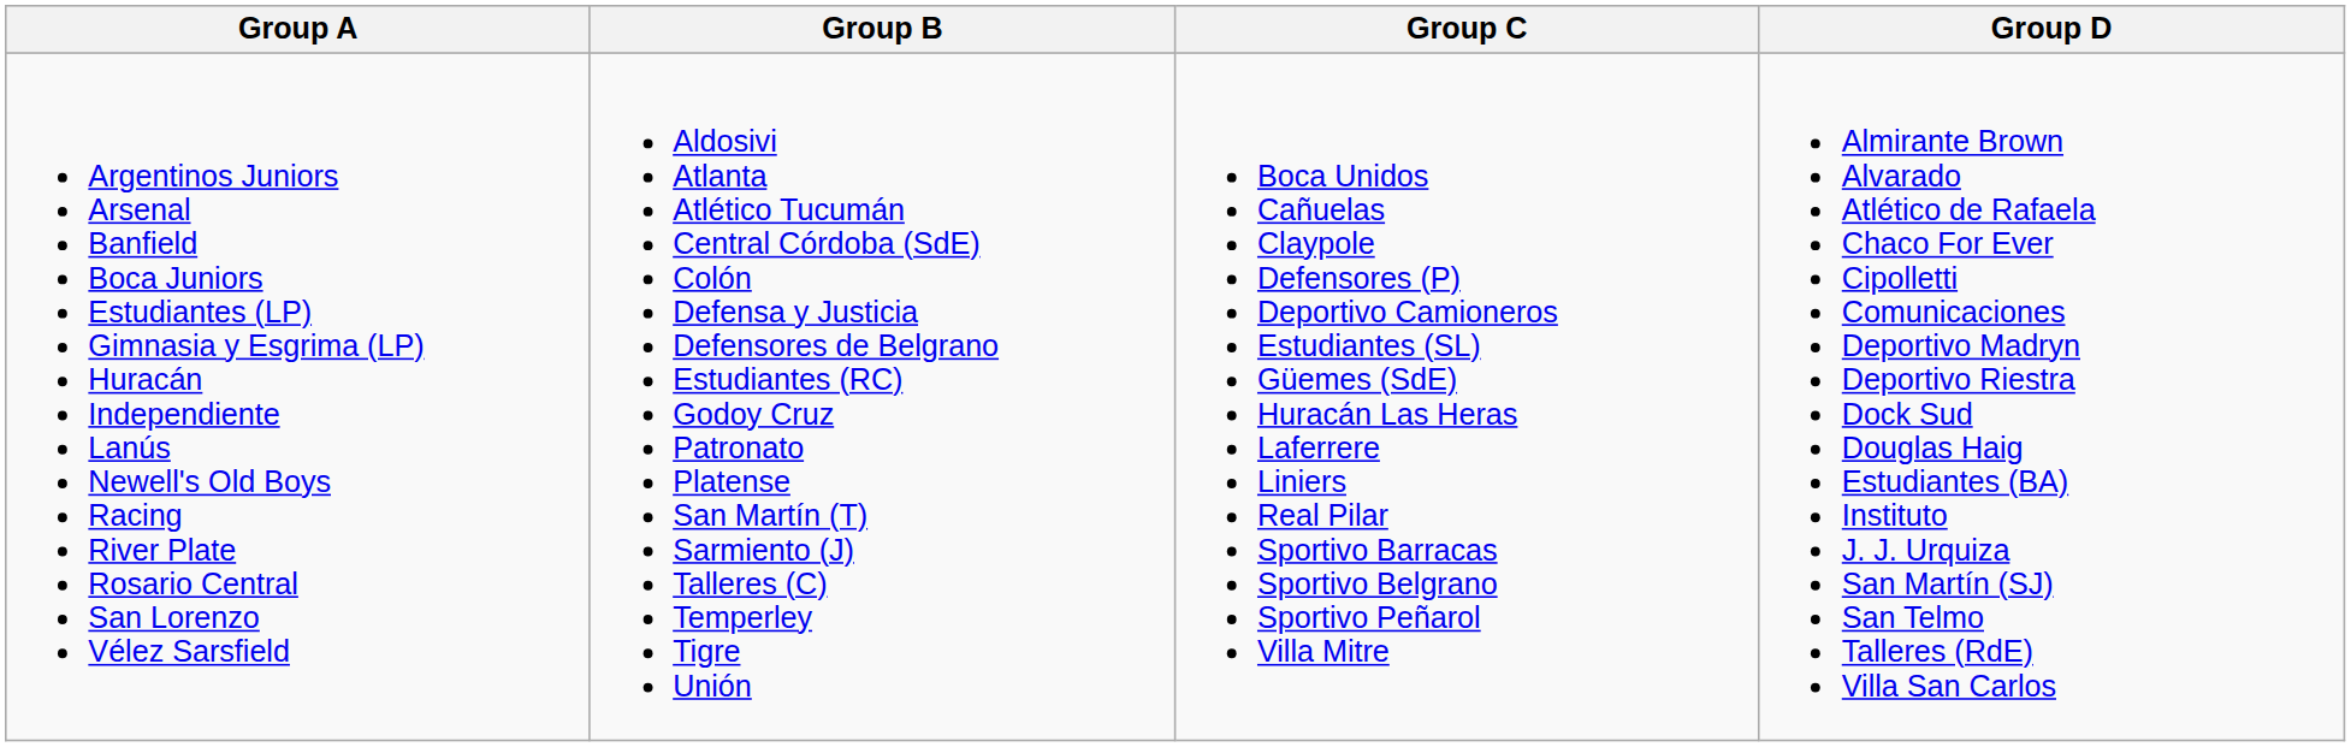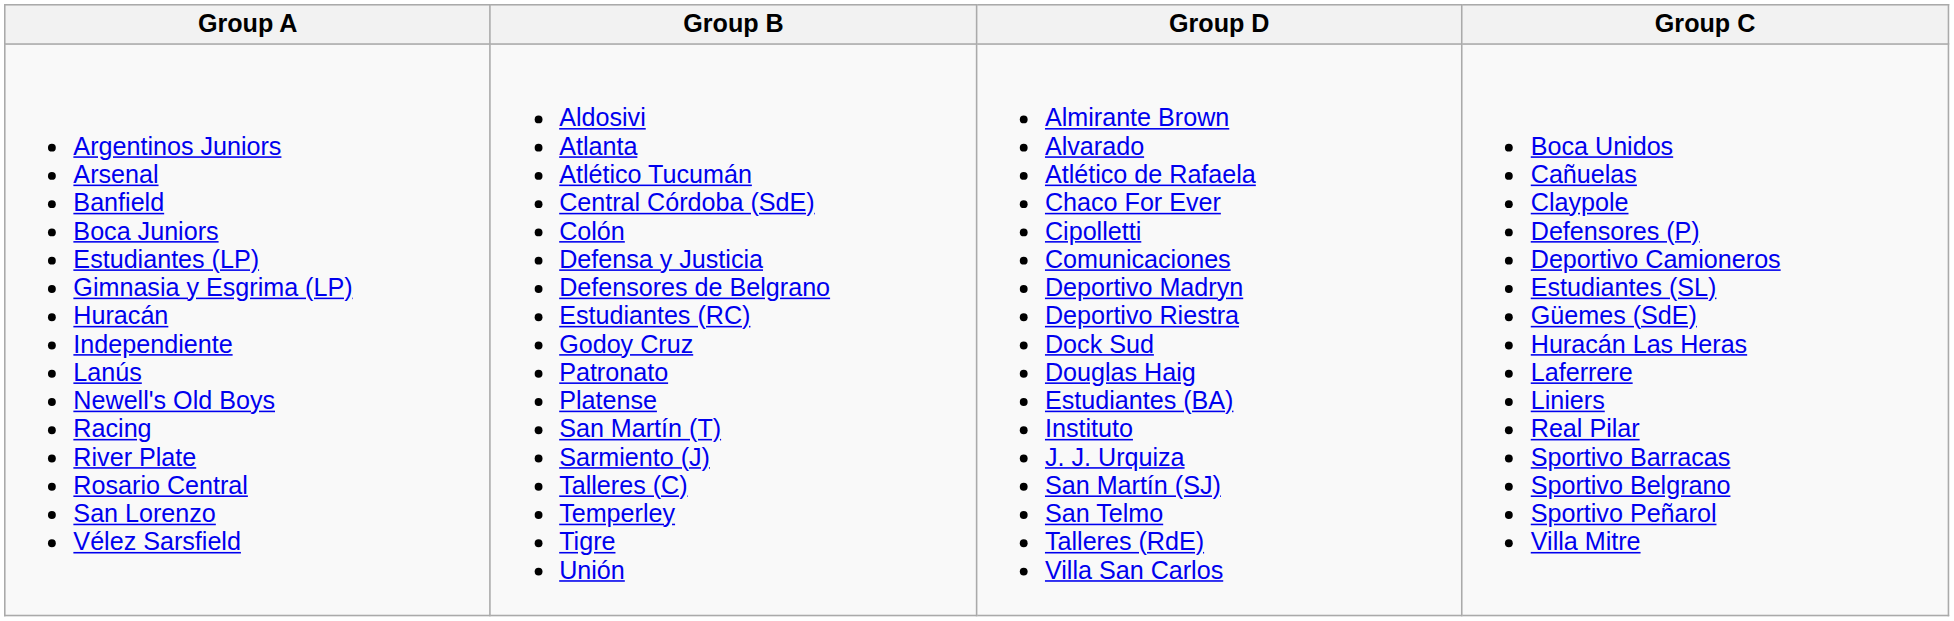 <table class="wikitable" width=98%>
 <tr>
 <th width=25%><strong>Group A</strong></th>
 <th width=25%><strong>Group B</strong></th>
+<th width=25%><strong>Group D</strong></th>
 <th width=25%><strong>Group C</strong></th>
-<th width=25%><strong>Group D</strong></th>
 </tr>
 <tr>
 <td><br><ul><li><a href='#'>Argentinos Juniors</a></li><li><a href='#'>Arsenal</a></li><li><a href='#'>Banfield</a></li><li><a href='#'>Boca Juniors</a></li><li><a href='#'>Estudiantes (LP)</a></li><li><a href='#'>Gimnasia y Esgrima (LP)</a></li><li><a href='#'>Huracán</a></li><li><a href='#'>Independiente</a></li><li><a href='#'>Lanús</a></li><li><a href='#'>Newell's Old Boys</a></li><li><a href='#'>Racing</a></li><li><a href='#'>River Plate</a></li><li><a href='#'>Rosario Central</a></li><li><a href='#'>San Lorenzo</a></li><li><a href='#'>Vélez Sarsfield</a></li></ul></td>
 <td><br><ul><li><a href='#'>Aldosivi</a></li><li><a href='#'>Atlanta</a></li><li><a href='#'>Atlético Tucumán</a></li><li><a href='#'>Central Córdoba (SdE)</a></li><li><a href='#'>Colón</a></li><li><a href='#'>Defensa y Justicia</a></li><li><a href='#'>Defensores de Belgrano</a></li><li><a href='#'>Estudiantes (RC)</a></li><li><a href='#'>Godoy Cruz</a></li><li><a href='#'>Patronato</a></li><li><a href='#'>Platense</a></li><li><a href='#'>San Martín (T)</a></li><li><a href='#'>Sarmiento (J)</a></li><li><a href='#'>Talleres (C)</a></li><li><a href='#'>Temperley</a></li><li><a href='#'>Tigre</a></li><li><a href='#'>Unión</a></li></ul></td>
+<td><br><ul><li><a href='#'>Almirante Brown</a></li><li><a href='#'>Alvarado</a></li><li><a href='#'>Atlético de Rafaela</a></li><li><a href='#'>Chaco For Ever</a></li><li><a href='#'>Cipolletti</a></li><li><a href='#'>Comunicaciones</a></li><li><a href='#'>Deportivo Madryn</a></li><li><a href='#'>Deportivo Riestra</a></li><li><a href='#'>Dock Sud</a></li><li><a href='#'>Douglas Haig</a></li><li><a href='#'>Estudiantes (BA)</a></li><li><a href='#'>Instituto</a></li><li><a href='#'>J. J. Urquiza</a></li><li><a href='#'>San Martín (SJ)</a></li><li><a href='#'>San Telmo</a></li><li><a href='#'>Talleres (RdE)</a></li><li><a href='#'>Villa San Carlos</a></li></ul></td>
 <td><br><ul><li><a href='#'>Boca Unidos</a></li><li><a href='#'>Cañuelas</a></li><li><a href='#'>Claypole</a></li><li><a href='#'>Defensores (P)</a></li><li><a href='#'>Deportivo Camioneros</a></li><li><a href='#'>Estudiantes (SL)</a></li><li><a href='#'>Güemes (SdE)</a></li><li><a href='#'>Huracán Las Heras</a></li><li><a href='#'>Laferrere</a></li><li><a href='#'>Liniers</a></li><li><a href='#'>Real Pilar</a></li><li><a href='#'>Sportivo Barracas</a></li><li><a href='#'>Sportivo Belgrano</a></li><li><a href='#'>Sportivo Peñarol</a></li><li><a href='#'>Villa Mitre</a></li></ul></td>
-<td><br><ul><li><a href='#'>Almirante Brown</a></li><li><a href='#'>Alvarado</a></li><li><a href='#'>Atlético de Rafaela</a></li><li><a href='#'>Chaco For Ever</a></li><li><a href='#'>Cipolletti</a></li><li><a href='#'>Comunicaciones</a></li><li><a href='#'>Deportivo Madryn</a></li><li><a href='#'>Deportivo Riestra</a></li><li><a href='#'>Dock Sud</a></li><li><a href='#'>Douglas Haig</a></li><li><a href='#'>Estudiantes (BA)</a></li><li><a href='#'>Instituto</a></li><li><a href='#'>J. J. Urquiza</a></li><li><a href='#'>San Martín (SJ)</a></li><li><a href='#'>San Telmo</a></li><li><a href='#'>Talleres (RdE)</a></li><li><a href='#'>Villa San Carlos</a></li></ul></td>
 </tr>
 </table>
